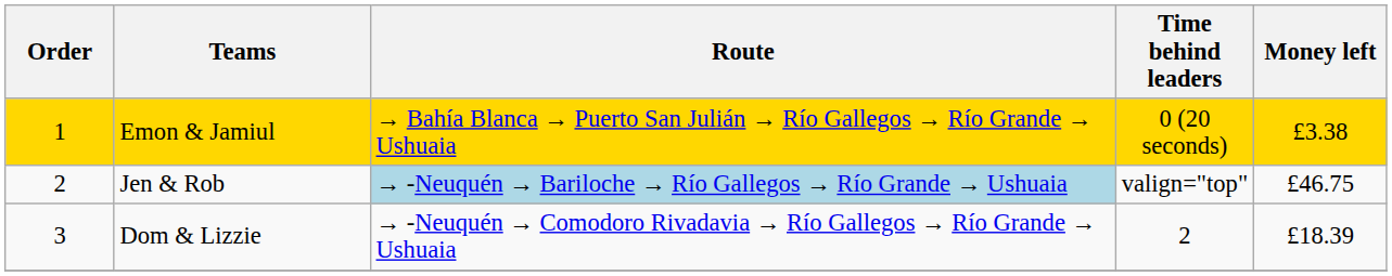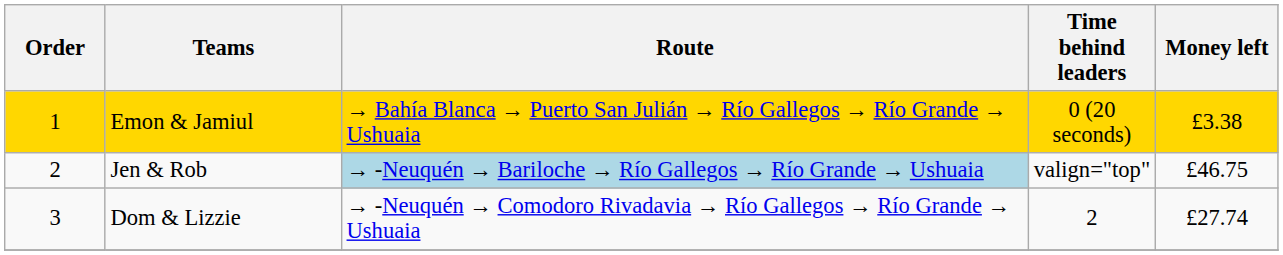 <table class="wikitable sortable" style="text-align:center">
 <tr>
 <th style="width:4em">Order</th>
 <th style="width:10em">Teams</th>
 <th style="width:30em">Route</th>
 <th style="width:5em">Time behind leaders</th>
 <th style="width:5em">Money left</th>
 </tr>
 <tr style=background:gold>
 <td>1</td>
 <td style="text-align:left">Emon & Jamiul</td>
 <td style="text-align:left">   → <a href='#'>Bahía Blanca</a>  → <a href='#'>Puerto San Julián</a>    → <a href='#'>Río Gallegos</a>  → <a href='#'>Río Grande</a>  → <a href='#'>Ushuaia</a></td>
 <td>0 (20 seconds)</td>
 <td>£3.38</td>
 </tr>
 <tr>
 <td>2</td>
 <td style="text-align:left">Jen & Rob</td>
 <td style="background: lightblue; text-align:left"> → -<a href='#'>Neuquén</a>  → <a href='#'>Bariloche</a>    → <a href='#'>Río Gallegos</a> →  <a href='#'>Río Grande</a>  → <a href='#'>Ushuaia</a></td>
 <td>valign="top" </td>
 <td>£46.75</td>
 </tr>
 <tr>
 <td>3</td>
 <td style="text-align:left">Dom & Lizzie</td>
 <td style="text-align:left"> → -<a href='#'>Neuquén</a>  →  <a href='#'>Comodoro Rivadavia</a> → <a href='#'>Río Gallegos</a>   →  <a href='#'>Río Grande</a>  → <a href='#'>Ushuaia</a></td>
 <td>2</td>
-<td>£18.39</td>
+<td>£27.74</td>
 </tr>
 <tr>
 </tr>
 </table>
